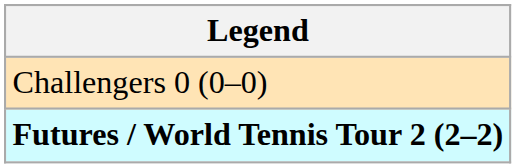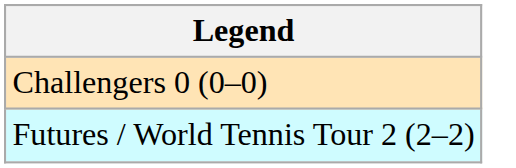 <table class=wikitable style=font-size:97%>
 <tr>
 <th>Legend</th>
 </tr>
 <tr style="background:moccasin;">
 <td>Challengers 0 (0–0)</td>
 </tr>
 <tr style="background:#cffcff;">
-<td><strong>Futures / World Tennis Tour 2 (2–2)</strong></td>
+<td>Futures / World Tennis Tour 2 (2–2)</td>
 </tr>
 </table>
